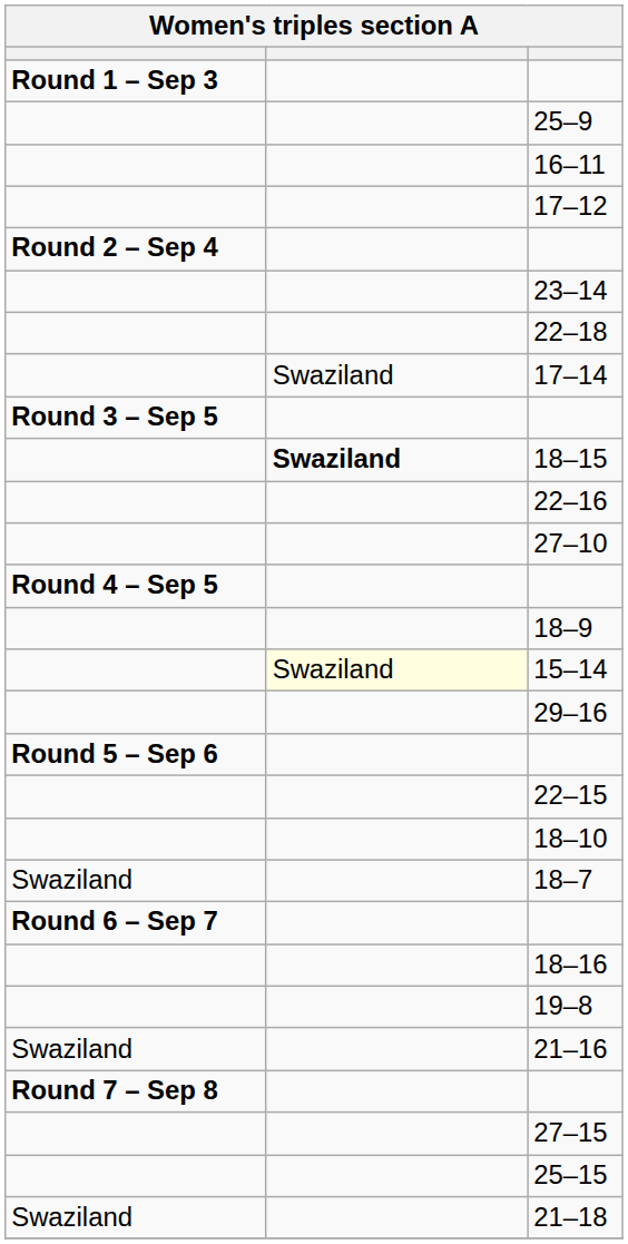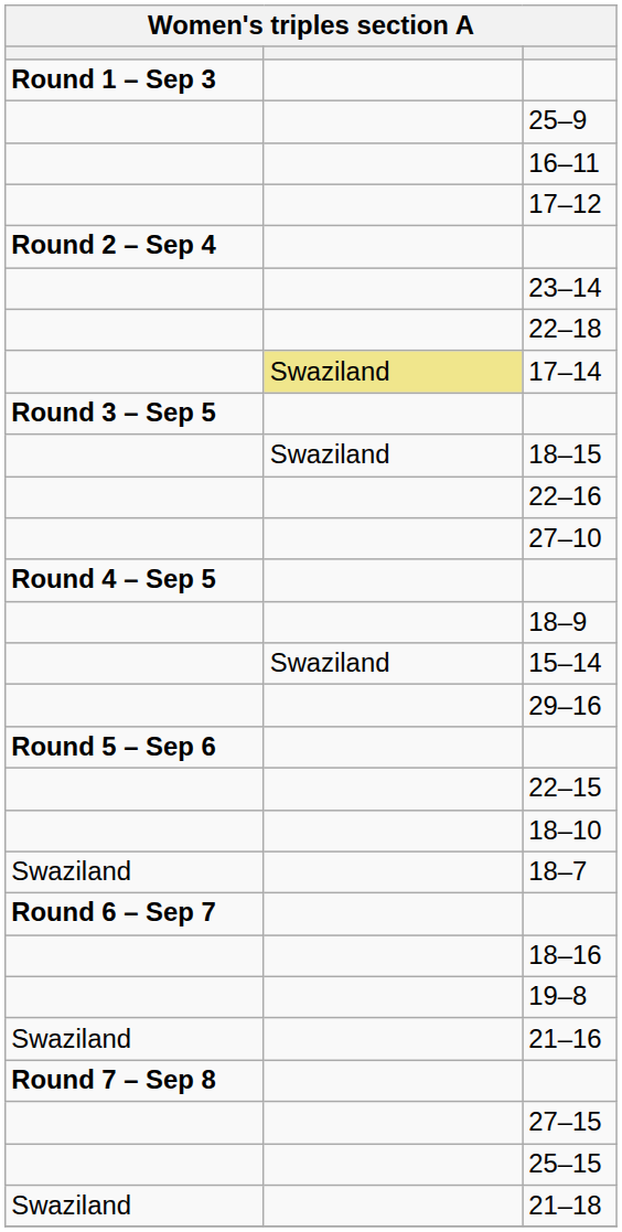 <table class="wikitable">
 <tr>
 <th colspan="3">Women's triples section A</th>
 </tr>
 <tr>
 <th width=150></th>
 <th width=150></th>
 <th width=50></th>
 </tr>
 <tr>
 <td><strong>Round 1 – Sep 3</strong></td>
 <td></td>
 <td></td>
 </tr>
 <tr>
 <td></td>
 <td></td>
 <td>25–9</td>
 </tr>
 <tr>
 <td></td>
 <td></td>
 <td>16–11</td>
 </tr>
 <tr>
 <td></td>
 <td></td>
 <td>17–12</td>
 </tr>
 <tr>
 <td><strong>Round 2 – Sep 4</strong></td>
 <td></td>
 <td></td>
 </tr>
 <tr>
 <td></td>
 <td></td>
 <td>23–14</td>
 </tr>
 <tr>
 <td></td>
 <td></td>
 <td>22–18</td>
 </tr>
 <tr>
 <td></td>
-<td> Swaziland</td>
+<td style="background: khaki;"> Swaziland</td>
 <td>17–14</td>
 </tr>
 <tr>
 <td><strong>Round 3 – Sep 5</strong></td>
 <td></td>
 <td></td>
 </tr>
 <tr>
 <td></td>
-<td><strong> Swaziland</strong></td>
+<td> Swaziland</td>
 <td>18–15</td>
 </tr>
 <tr>
 <td></td>
 <td></td>
 <td>22–16</td>
 </tr>
 <tr>
 <td></td>
 <td></td>
 <td>27–10</td>
 </tr>
 <tr>
 <td><strong>Round 4 – Sep 5</strong></td>
 <td></td>
 <td></td>
 </tr>
 <tr>
 <td></td>
 <td></td>
 <td>18–9</td>
 </tr>
 <tr>
 <td></td>
-<td style="background: lightyellow;"> Swaziland</td>
+<td> Swaziland</td>
 <td>15–14</td>
 </tr>
 <tr>
 <td></td>
 <td></td>
 <td>29–16</td>
 </tr>
 <tr>
 <td><strong>Round 5 – Sep 6</strong></td>
 <td></td>
 <td></td>
 </tr>
 <tr>
 <td></td>
 <td></td>
 <td>22–15</td>
 </tr>
 <tr>
 <td></td>
 <td></td>
 <td>18–10</td>
 </tr>
 <tr>
 <td> Swaziland</td>
 <td></td>
 <td>18–7</td>
 </tr>
 <tr>
 <td><strong>Round 6  – Sep 7</strong></td>
 <td></td>
 <td></td>
 </tr>
 <tr>
 <td></td>
 <td></td>
 <td>18–16</td>
 </tr>
 <tr>
 <td></td>
 <td></td>
 <td>19–8</td>
 </tr>
 <tr>
 <td> Swaziland</td>
 <td></td>
 <td>21–16</td>
 </tr>
 <tr>
 <td><strong>Round 7 – Sep 8</strong></td>
 <td></td>
 <td></td>
 </tr>
 <tr>
 <td></td>
 <td></td>
 <td>27–15</td>
 </tr>
 <tr>
 <td></td>
 <td></td>
 <td>25–15</td>
 </tr>
 <tr>
 <td> Swaziland</td>
 <td></td>
 <td>21–18</td>
 </tr>
 <tr>
 </tr>
 </table>
